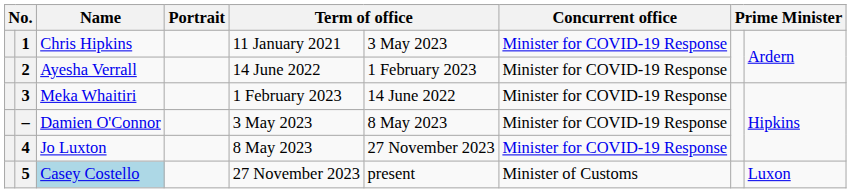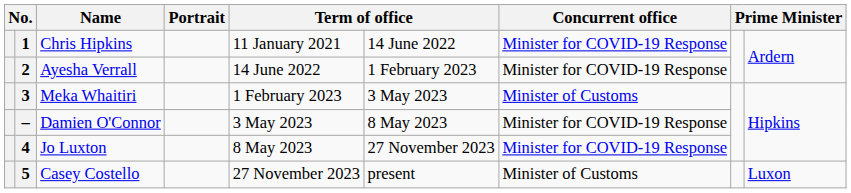 <table class="wikitable">
 <tr>
 <th colspan="2"><strong>No.</strong></th>
 <th><strong>Name</strong></th>
 <th><strong>Portrait</strong></th>
 <th colspan="2"><strong>Term of office</strong></th>
 <th><strong>Concurrent office</strong></th>
 <th colspan="2"><strong>Prime Minister</strong></th>
 </tr>
 <tr>
 <th style="background:"></th>
 <th>1</th>
 <td><a href='#'>Chris Hipkins</a></td>
 <td></td>
 <td>11 January 2021</td>
-<td>3 May 2023</td>
+<td>14 June 2022</td>
 <td><a href='#'>Minister for COVID-19 Response</a></td>
 <td rowspan="2" style="background:"></td>
 <td rowspan="2"><a href='#'>Ardern</a></td>
 </tr>
 <tr>
 <th style="background:"></th>
 <th>2</th>
 <td><a href='#'>Ayesha Verrall</a></td>
 <td></td>
 <td>14 June 2022</td>
 <td>1 February 2023</td>
 <td>Minister for COVID-19 Response</td>
 </tr>
 <tr>
 <th style="background:"></th>
 <th>3</th>
 <td><a href='#'>Meka Whaitiri</a></td>
 <td></td>
 <td>1 February 2023</td>
-<td>14 June 2022</td>
-<td>Minister for COVID-19 Response</td>
+<td>3 May 2023</td>
+<td><a href='#'>Minister of Customs</a></td>
 <td rowspan="3" style="background:"></td>
 <td rowspan="3"><a href='#'>Hipkins</a></td>
 </tr>
 <tr>
 <th style="background:"></th>
 <th>–</th>
 <td><a href='#'>Damien O'Connor</a></td>
 <td></td>
 <td>3 May 2023</td>
 <td>8 May 2023</td>
 <td>Minister for COVID-19 Response</td>
 </tr>
 <tr>
 <th style="background:"></th>
 <th>4</th>
 <td><a href='#'>Jo Luxton</a></td>
 <td></td>
 <td>8 May 2023</td>
 <td>27 November 2023</td>
 <td><a href='#'>Minister for COVID-19 Response</a></td>
 </tr>
 <tr>
 <th style="background:"></th>
 <th>5</th>
-<td style="background: lightblue;"><a href='#'>Casey Costello</a></td>
+<td><a href='#'>Casey Costello</a></td>
 <td></td>
 <td>27 November 2023</td>
 <td>present</td>
 <td>Minister of Customs</td>
 <td style="background:"></td>
 <td><a href='#'>Luxon</a></td>
 </tr>
 </table>
